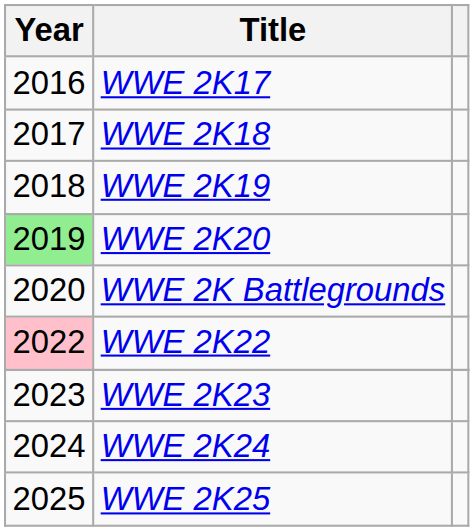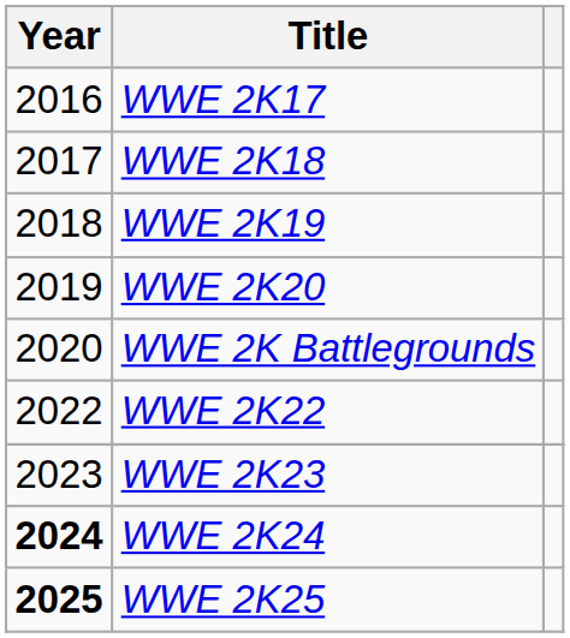 <table class="wikitable sortable plainrowheaders">
 <tr>
 <th scope="col">Year</th>
 <th scope="col">Title</th>
 <th class="unsortable" scope="col"></th>
 </tr>
 <tr>
 <td>2016</td>
 <td><em><a href='#'>WWE 2K17</a></em></td>
 <td></td>
 </tr>
 <tr>
 <td>2017</td>
 <td><em><a href='#'>WWE 2K18</a></em></td>
 <td></td>
 </tr>
 <tr>
 <td>2018</td>
 <td><em><a href='#'>WWE 2K19</a></em></td>
 <td></td>
 </tr>
 <tr>
-<td style="background: lightgreen;">2019</td>
+<td>2019</td>
 <td><em><a href='#'>WWE 2K20</a></em></td>
 <td></td>
 </tr>
 <tr>
 <td>2020</td>
 <td><em><a href='#'>WWE 2K Battlegrounds</a></em></td>
 <td></td>
 </tr>
 <tr>
-<td style="background: pink;">2022</td>
+<td>2022</td>
 <td><em><a href='#'>WWE 2K22</a></em></td>
 <td></td>
 </tr>
 <tr>
 </tr>
 <tr>
 <td>2023</td>
 <td><em><a href='#'>WWE 2K23</a></em></td>
 <td></td>
 </tr>
 <tr>
-<td>2024</td>
+<td><strong>2024</strong></td>
 <td><em><a href='#'>WWE 2K24</a></em></td>
 <td></td>
 </tr>
 <tr>
-<td>2025</td>
+<td><strong>2025</strong></td>
 <td><em><a href='#'>WWE 2K25</a></em></td>
 <td></td>
 </tr>
 </table>
